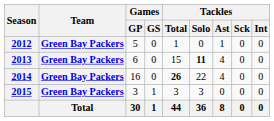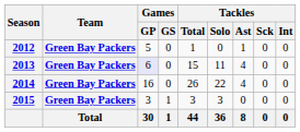 <table class=wikitable style="text-align:center;">
 <tr>
 <th rowspan=2>Season</th>
 <th rowspan=2>Team</th>
 <th colspan=2>Games</th>
 <th colspan=5>Tackles</th>
 </tr>
 <tr>
 <th>GP</th>
 <th>GS</th>
 <th>Total</th>
 <th>Solo</th>
 <th>Ast</th>
 <th>Sck</th>
 <th>Int</th>
 </tr>
 <tr>
 <th><a href='#'>2012</a></th>
 <th><a href='#'>Green Bay Packers</a></th>
 <td>5</td>
 <td>0</td>
 <td>1</td>
 <td>0</td>
 <td>1</td>
 <td>0</td>
 <td>0</td>
 </tr>
 <tr>
 <th><a href='#'>2013</a></th>
 <th><a href='#'>Green Bay Packers</a></th>
-<td>6</td>
+<td style="background: lavender;">6</td>
 <td>0</td>
 <td>15</td>
-<td><strong>11</strong></td>
+<td>11</td>
 <td>4</td>
 <td>0</td>
 <td>0</td>
 </tr>
 <tr>
 <th><a href='#'>2014</a></th>
 <th><a href='#'>Green Bay Packers</a></th>
 <td>16</td>
 <td>0</td>
-<td><strong>26</strong></td>
+<td>26</td>
 <td>22</td>
 <td>4</td>
 <td>0</td>
 <td>0</td>
 </tr>
 <tr>
 <th><a href='#'>2015</a></th>
 <th><a href='#'>Green Bay Packers</a></th>
 <td>3</td>
 <td>1</td>
 <td>3</td>
 <td>3</td>
 <td>0</td>
 <td>0</td>
 <td>0</td>
 </tr>
 <tr>
 <th></th>
 <th>Total</th>
 <th>30</th>
 <th>1</th>
 <th>44</th>
 <th>36</th>
 <th>8</th>
 <th>0</th>
 <th>0</th>
 </tr>
 </table>
